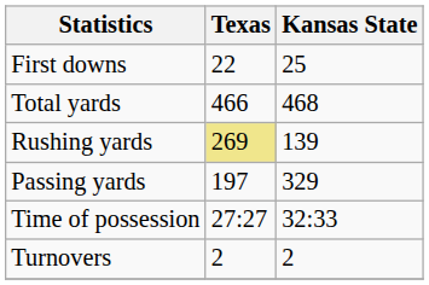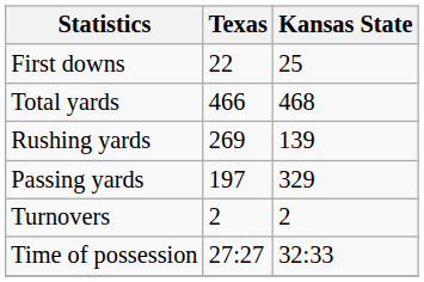 <table class="wikitable" style="float: left;">
 <tr>
 <th>Statistics</th>
 <th>Texas</th>
 <th>Kansas State</th>
 </tr>
 <tr>
 <td>First downs</td>
 <td>22</td>
 <td>25</td>
 </tr>
 <tr>
 <td>Total yards</td>
 <td>466</td>
 <td>468</td>
 </tr>
 <tr>
 <td>Rushing yards</td>
-<td style="background: khaki;">269</td>
+<td>269</td>
 <td>139</td>
 </tr>
 <tr>
 <td>Passing yards</td>
 <td>197</td>
 <td>329</td>
 </tr>
 <tr>
+<td>Turnovers</td>
+<td>2</td>
+<td>2</td>
+</tr>
+<tr>
 <td>Time of possession</td>
 <td>27:27</td>
 <td>32:33</td>
 </tr>
 <tr>
-<td>Turnovers</td>
-<td>2</td>
-<td>2</td>
-</tr>
-<tr>
 </tr>
 </table>
